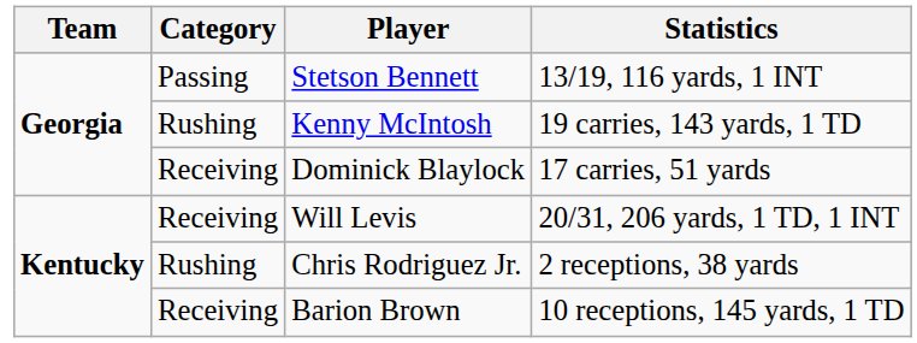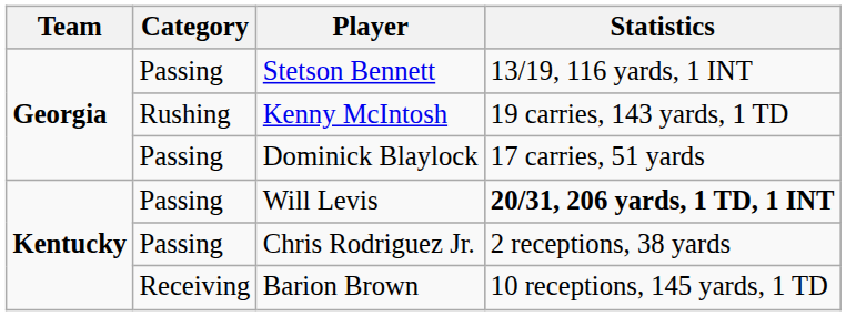 <table class="wikitable" style="float: right;">
 <tr>
 <th>Team</th>
 <th>Category</th>
 <th>Player</th>
 <th>Statistics</th>
 </tr>
 <tr>
 <td rowspan=3><strong>Georgia</strong></td>
 <td>Passing</td>
 <td><a href='#'>Stetson Bennett</a></td>
 <td>13/19, 116 yards, 1 INT</td>
 </tr>
 <tr>
 <td>Rushing</td>
 <td><a href='#'>Kenny McIntosh</a></td>
 <td>19 carries, 143 yards, 1 TD</td>
 </tr>
 <tr>
-<td>Receiving</td>
+<td>Passing</td>
 <td>Dominick Blaylock</td>
 <td>17 carries, 51 yards</td>
 </tr>
 <tr>
 <td rowspan=3><strong>Kentucky</strong></td>
-<td>Receiving</td>
+<td>Passing</td>
 <td>Will Levis</td>
-<td>20/31, 206 yards, 1 TD, 1 INT</td>
+<td><strong>20/31, 206 yards, 1 TD, 1 INT</strong></td>
 </tr>
 <tr>
-<td>Rushing</td>
+<td>Passing</td>
 <td>Chris Rodriguez Jr.</td>
 <td>2 receptions, 38 yards</td>
 </tr>
 <tr>
 <td>Receiving</td>
 <td>Barion Brown</td>
 <td>10 receptions, 145 yards, 1 TD</td>
 </tr>
 </table>
